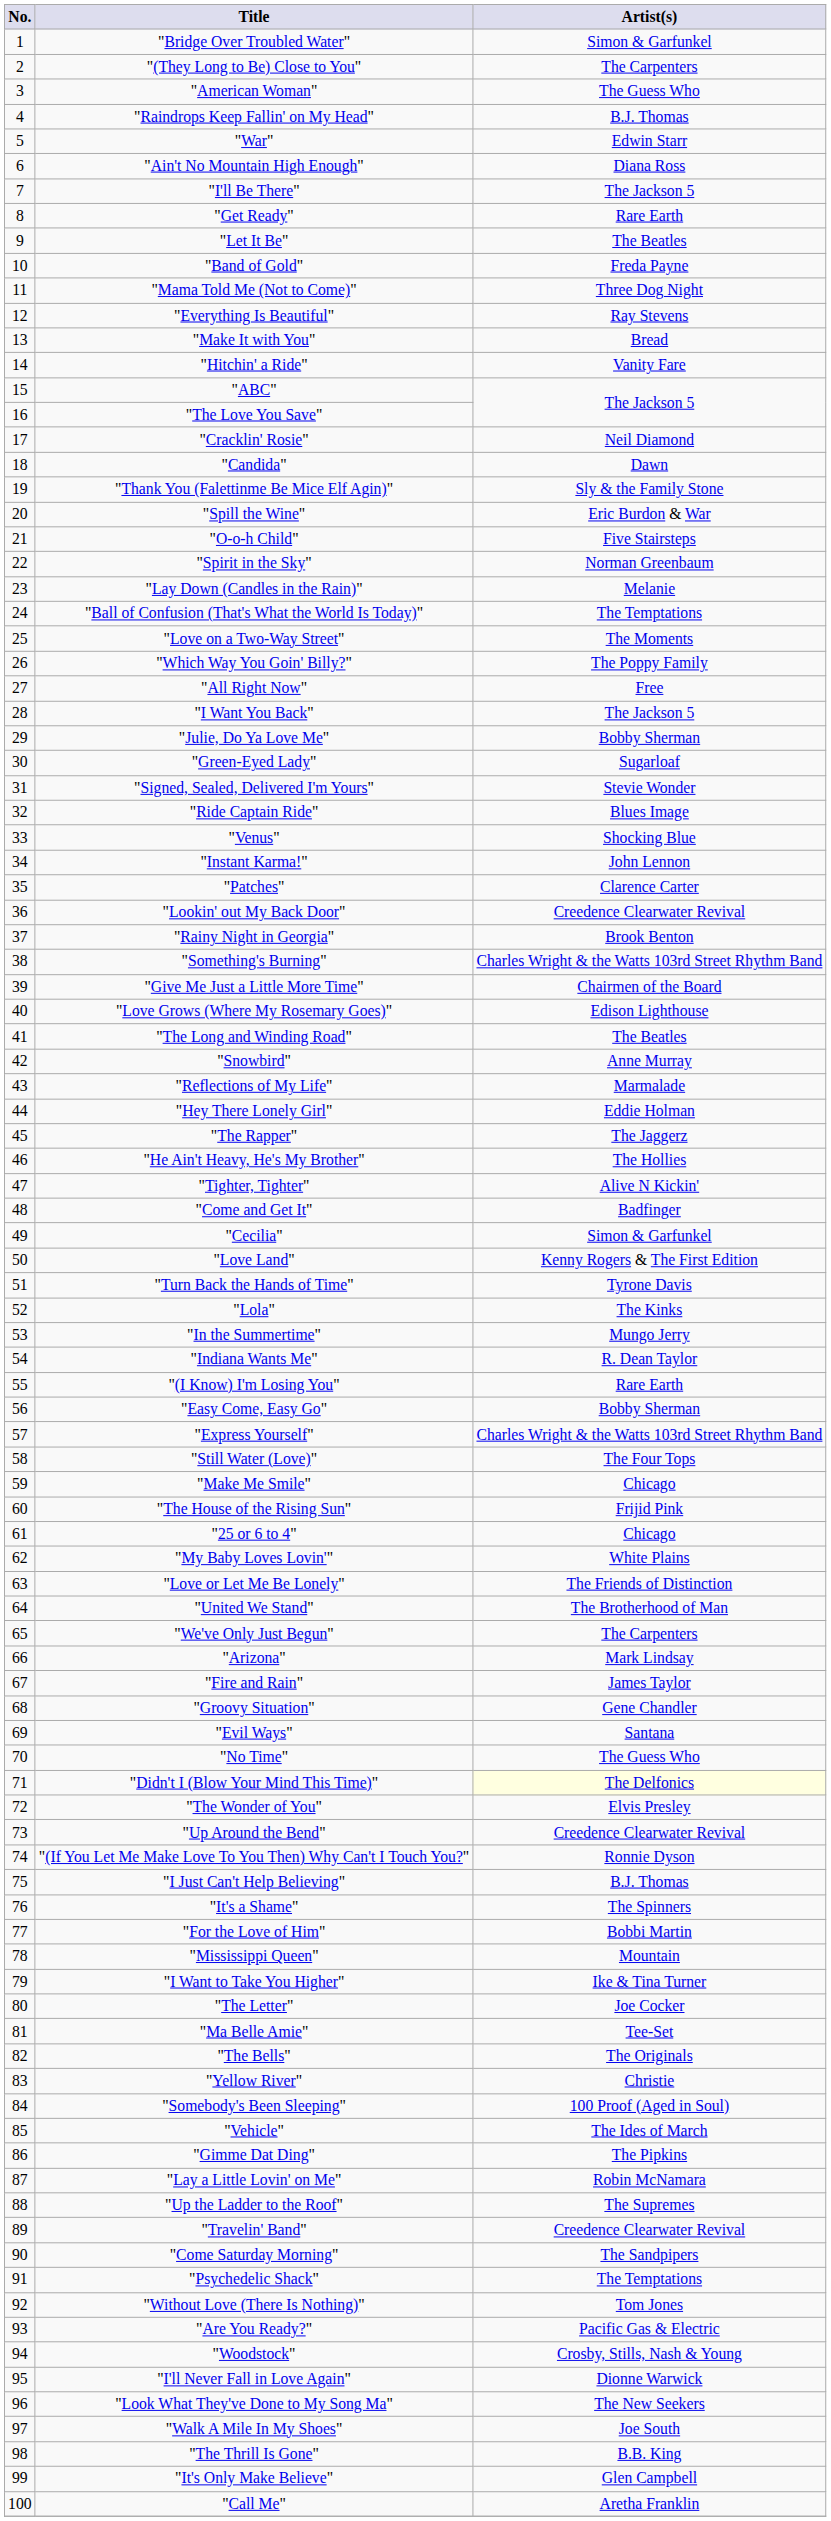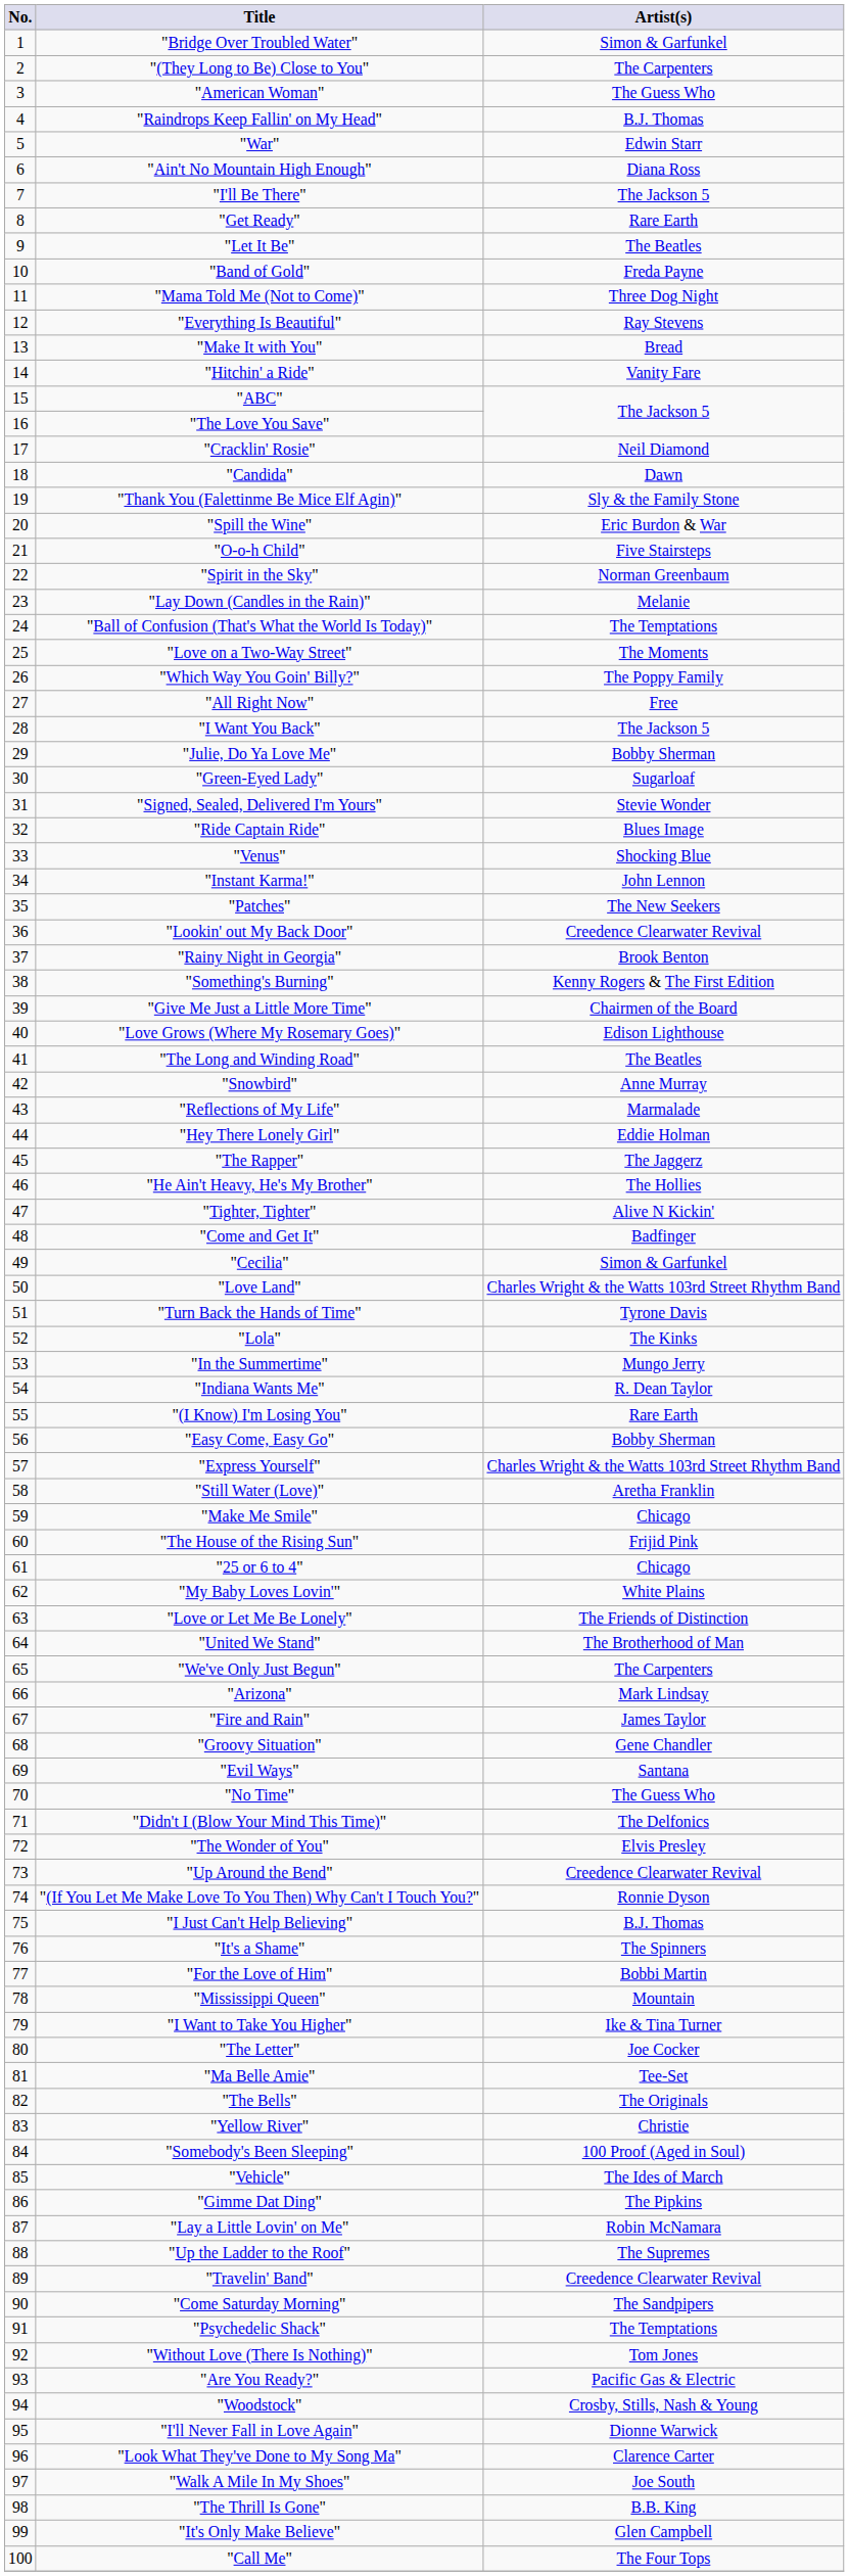 <table class="wikitable sortable" style="text-align: center">
 <tr>
 <th scope="col" style="background:#dde;">No.</th>
 <th scope="col" style="background:#dde;">Title</th>
 <th scope="col" style="background:#dde;">Artist(s)</th>
 </tr>
 <tr>
 <td>1</td>
 <td>"<a href='#'>Bridge Over Troubled Water</a>"</td>
 <td><a href='#'>Simon & Garfunkel</a></td>
 </tr>
 <tr>
 <td>2</td>
 <td>"<a href='#'>(They Long to Be) Close to You</a>"</td>
 <td><a href='#'>The Carpenters</a></td>
 </tr>
 <tr>
 <td>3</td>
 <td>"<a href='#'>American Woman</a>"</td>
 <td><a href='#'>The Guess Who</a></td>
 </tr>
 <tr>
 <td>4</td>
 <td>"<a href='#'>Raindrops Keep Fallin' on My Head</a>"</td>
 <td><a href='#'>B.J. Thomas</a></td>
 </tr>
 <tr>
 <td>5</td>
 <td>"<a href='#'>War</a>"</td>
 <td><a href='#'>Edwin Starr</a></td>
 </tr>
 <tr>
 <td>6</td>
 <td>"<a href='#'>Ain't No Mountain High Enough</a>"</td>
 <td><a href='#'>Diana Ross</a></td>
 </tr>
 <tr>
 <td>7</td>
 <td>"<a href='#'>I'll Be There</a>"</td>
 <td><a href='#'>The Jackson 5</a></td>
 </tr>
 <tr>
 <td>8</td>
 <td>"<a href='#'>Get Ready</a>"</td>
 <td><a href='#'>Rare Earth</a></td>
 </tr>
 <tr>
 <td>9</td>
 <td>"<a href='#'>Let It Be</a>"</td>
 <td><a href='#'>The Beatles</a></td>
 </tr>
 <tr>
 <td>10</td>
 <td>"<a href='#'>Band of Gold</a>"</td>
 <td><a href='#'>Freda Payne</a></td>
 </tr>
 <tr>
 <td>11</td>
 <td>"<a href='#'>Mama Told Me (Not to Come)</a>"</td>
 <td><a href='#'>Three Dog Night</a></td>
 </tr>
 <tr>
 <td>12</td>
 <td>"<a href='#'>Everything Is Beautiful</a>"</td>
 <td><a href='#'>Ray Stevens</a></td>
 </tr>
 <tr>
 <td>13</td>
 <td>"<a href='#'>Make It with You</a>"</td>
 <td><a href='#'>Bread</a></td>
 </tr>
 <tr>
 <td>14</td>
 <td>"<a href='#'>Hitchin' a Ride</a>"</td>
 <td><a href='#'>Vanity Fare</a></td>
 </tr>
 <tr>
 <td>15</td>
 <td>"<a href='#'>ABC</a>"</td>
 <td rowspan="2"><a href='#'>The Jackson 5</a></td>
 </tr>
 <tr>
 <td>16</td>
 <td>"<a href='#'>The Love You Save</a>"</td>
 </tr>
 <tr>
 <td>17</td>
 <td>"<a href='#'>Cracklin' Rosie</a>"</td>
 <td><a href='#'>Neil Diamond</a></td>
 </tr>
 <tr>
 <td>18</td>
 <td>"<a href='#'>Candida</a>"</td>
 <td><a href='#'>Dawn</a></td>
 </tr>
 <tr>
 <td>19</td>
 <td>"<a href='#'>Thank You (Falettinme Be Mice Elf Agin)</a>"</td>
 <td><a href='#'>Sly & the Family Stone</a></td>
 </tr>
 <tr>
 <td>20</td>
 <td>"<a href='#'>Spill the Wine</a>"</td>
 <td><a href='#'>Eric Burdon</a> & <a href='#'>War</a></td>
 </tr>
 <tr>
 <td>21</td>
 <td>"<a href='#'>O-o-h Child</a>"</td>
 <td><a href='#'>Five Stairsteps</a></td>
 </tr>
 <tr>
 <td>22</td>
 <td>"<a href='#'>Spirit in the Sky</a>"</td>
 <td><a href='#'>Norman Greenbaum</a></td>
 </tr>
 <tr>
 <td>23</td>
 <td>"<a href='#'>Lay Down (Candles in the Rain)</a>"</td>
 <td><a href='#'>Melanie</a></td>
 </tr>
 <tr>
 <td>24</td>
 <td>"<a href='#'>Ball of Confusion (That's What the World Is Today)</a>"</td>
 <td><a href='#'>The Temptations</a></td>
 </tr>
 <tr>
 <td>25</td>
 <td>"<a href='#'>Love on a Two-Way Street</a>"</td>
 <td><a href='#'>The Moments</a></td>
 </tr>
 <tr>
 <td>26</td>
 <td>"<a href='#'>Which Way You Goin' Billy?</a>"</td>
 <td><a href='#'>The Poppy Family</a></td>
 </tr>
 <tr>
 <td>27</td>
 <td>"<a href='#'>All Right Now</a>"</td>
 <td><a href='#'>Free</a></td>
 </tr>
 <tr>
 <td>28</td>
 <td>"<a href='#'>I Want You Back</a>"</td>
 <td><a href='#'>The Jackson 5</a></td>
 </tr>
 <tr>
 <td>29</td>
 <td>"<a href='#'>Julie, Do Ya Love Me</a>"</td>
 <td><a href='#'>Bobby Sherman</a></td>
 </tr>
 <tr>
 <td>30</td>
 <td>"<a href='#'>Green-Eyed Lady</a>"</td>
 <td><a href='#'>Sugarloaf</a></td>
 </tr>
 <tr>
 <td>31</td>
 <td>"<a href='#'>Signed, Sealed, Delivered I'm Yours</a>"</td>
 <td><a href='#'>Stevie Wonder</a></td>
 </tr>
 <tr>
 <td>32</td>
 <td>"<a href='#'>Ride Captain Ride</a>"</td>
 <td><a href='#'>Blues Image</a></td>
 </tr>
 <tr>
 <td>33</td>
 <td>"<a href='#'>Venus</a>"</td>
 <td><a href='#'>Shocking Blue</a></td>
 </tr>
 <tr>
 <td>34</td>
 <td>"<a href='#'>Instant Karma!</a>"</td>
 <td><a href='#'>John Lennon</a></td>
 </tr>
 <tr>
 <td>35</td>
 <td>"<a href='#'>Patches</a>"</td>
-<td><a href='#'>Clarence Carter</a></td>
+<td><a href='#'>The New Seekers</a></td>
 </tr>
 <tr>
 <td>36</td>
 <td>"<a href='#'>Lookin' out My Back Door</a>"</td>
 <td><a href='#'>Creedence Clearwater Revival</a></td>
 </tr>
 <tr>
 <td>37</td>
 <td>"<a href='#'>Rainy Night in Georgia</a>"</td>
 <td><a href='#'>Brook Benton</a></td>
 </tr>
 <tr>
 <td>38</td>
 <td>"<a href='#'>Something's Burning</a>"</td>
-<td><a href='#'>Charles Wright & the Watts 103rd Street Rhythm Band</a></td>
+<td><a href='#'>Kenny Rogers</a> & <a href='#'>The First Edition</a></td>
 </tr>
 <tr>
 <td>39</td>
 <td>"<a href='#'>Give Me Just a Little More Time</a>"</td>
 <td><a href='#'>Chairmen of the Board</a></td>
 </tr>
 <tr>
 <td>40</td>
 <td>"<a href='#'>Love Grows (Where My Rosemary Goes)</a>"</td>
 <td><a href='#'>Edison Lighthouse</a></td>
 </tr>
 <tr>
 <td>41</td>
 <td>"<a href='#'>The Long and Winding Road</a>"</td>
 <td><a href='#'>The Beatles</a></td>
 </tr>
 <tr>
 <td>42</td>
 <td>"<a href='#'>Snowbird</a>"</td>
 <td><a href='#'>Anne Murray</a></td>
 </tr>
 <tr>
 <td>43</td>
 <td>"<a href='#'>Reflections of My Life</a>"</td>
 <td><a href='#'>Marmalade</a></td>
 </tr>
 <tr>
 <td>44</td>
 <td>"<a href='#'>Hey There Lonely Girl</a>"</td>
 <td><a href='#'>Eddie Holman</a></td>
 </tr>
 <tr>
 <td>45</td>
 <td>"<a href='#'>The Rapper</a>"</td>
 <td><a href='#'>The Jaggerz</a></td>
 </tr>
 <tr>
 <td>46</td>
 <td>"<a href='#'>He Ain't Heavy, He's My Brother</a>"</td>
 <td><a href='#'>The Hollies</a></td>
 </tr>
 <tr>
 <td>47</td>
 <td>"<a href='#'>Tighter, Tighter</a>"</td>
 <td><a href='#'>Alive N Kickin'</a></td>
 </tr>
 <tr>
 <td>48</td>
 <td>"<a href='#'>Come and Get It</a>"</td>
 <td><a href='#'>Badfinger</a></td>
 </tr>
 <tr>
 <td>49</td>
 <td>"<a href='#'>Cecilia</a>"</td>
 <td><a href='#'>Simon & Garfunkel</a></td>
 </tr>
 <tr>
 <td>50</td>
 <td>"<a href='#'>Love Land</a>"</td>
-<td><a href='#'>Kenny Rogers</a> & <a href='#'>The First Edition</a></td>
+<td><a href='#'>Charles Wright & the Watts 103rd Street Rhythm Band</a></td>
 </tr>
 <tr>
 <td>51</td>
 <td>"<a href='#'>Turn Back the Hands of Time</a>"</td>
 <td><a href='#'>Tyrone Davis</a></td>
 </tr>
 <tr>
 <td>52</td>
 <td>"<a href='#'>Lola</a>"</td>
 <td><a href='#'>The Kinks</a></td>
 </tr>
 <tr>
 <td>53</td>
 <td>"<a href='#'>In the Summertime</a>"</td>
 <td><a href='#'>Mungo Jerry</a></td>
 </tr>
 <tr>
 <td>54</td>
 <td>"<a href='#'>Indiana Wants Me</a>"</td>
 <td><a href='#'>R. Dean Taylor</a></td>
 </tr>
 <tr>
 <td>55</td>
 <td>"<a href='#'>(I Know) I'm Losing You</a>"</td>
 <td><a href='#'>Rare Earth</a></td>
 </tr>
 <tr>
 <td>56</td>
 <td>"<a href='#'>Easy Come, Easy Go</a>"</td>
 <td><a href='#'>Bobby Sherman</a></td>
 </tr>
 <tr>
 <td>57</td>
 <td>"<a href='#'>Express Yourself</a>"</td>
 <td><a href='#'>Charles Wright & the Watts 103rd Street Rhythm Band</a></td>
 </tr>
 <tr>
 <td>58</td>
 <td>"<a href='#'>Still Water (Love)</a>"</td>
-<td><a href='#'>The Four Tops</a></td>
+<td><a href='#'>Aretha Franklin</a></td>
 </tr>
 <tr>
 <td>59</td>
 <td>"<a href='#'>Make Me Smile</a>"</td>
 <td><a href='#'>Chicago</a></td>
 </tr>
 <tr>
 <td>60</td>
 <td>"<a href='#'>The House of the Rising Sun</a>"</td>
 <td><a href='#'>Frijid Pink</a></td>
 </tr>
 <tr>
 <td>61</td>
 <td>"<a href='#'>25 or 6 to 4</a>"</td>
 <td><a href='#'>Chicago</a></td>
 </tr>
 <tr>
 <td>62</td>
 <td>"<a href='#'>My Baby Loves Lovin'</a>"</td>
 <td><a href='#'>White Plains</a></td>
 </tr>
 <tr>
 <td>63</td>
 <td>"<a href='#'>Love or Let Me Be Lonely</a>"</td>
 <td><a href='#'>The Friends of Distinction</a></td>
 </tr>
 <tr>
 <td>64</td>
 <td>"<a href='#'>United We Stand</a>"</td>
 <td><a href='#'>The Brotherhood of Man</a></td>
 </tr>
 <tr>
 <td>65</td>
 <td>"<a href='#'>We've Only Just Begun</a>"</td>
 <td><a href='#'>The Carpenters</a></td>
 </tr>
 <tr>
 <td>66</td>
 <td>"<a href='#'>Arizona</a>"</td>
 <td><a href='#'>Mark Lindsay</a></td>
 </tr>
 <tr>
 <td>67</td>
 <td>"<a href='#'>Fire and Rain</a>"</td>
 <td><a href='#'>James Taylor</a></td>
 </tr>
 <tr>
 <td>68</td>
 <td>"<a href='#'>Groovy Situation</a>"</td>
 <td><a href='#'>Gene Chandler</a></td>
 </tr>
 <tr>
 <td>69</td>
 <td>"<a href='#'>Evil Ways</a>"</td>
 <td><a href='#'>Santana</a></td>
 </tr>
 <tr>
 <td>70</td>
 <td>"<a href='#'>No Time</a>"</td>
 <td><a href='#'>The Guess Who</a></td>
 </tr>
 <tr>
 <td>71</td>
 <td>"<a href='#'>Didn't I (Blow Your Mind This Time)</a>"</td>
-<td style="background: lightyellow;"><a href='#'>The Delfonics</a></td>
+<td><a href='#'>The Delfonics</a></td>
 </tr>
 <tr>
 <td>72</td>
 <td>"<a href='#'>The Wonder of You</a>"</td>
 <td><a href='#'>Elvis Presley</a></td>
 </tr>
 <tr>
 <td>73</td>
 <td>"<a href='#'>Up Around the Bend</a>"</td>
 <td><a href='#'>Creedence Clearwater Revival</a></td>
 </tr>
 <tr>
 <td>74</td>
 <td>"<a href='#'>(If You Let Me Make Love To You Then) Why Can't I Touch You?</a>"</td>
 <td><a href='#'>Ronnie Dyson</a></td>
 </tr>
 <tr>
 <td>75</td>
 <td>"<a href='#'>I Just Can't Help Believing</a>"</td>
 <td><a href='#'>B.J. Thomas</a></td>
 </tr>
 <tr>
 <td>76</td>
 <td>"<a href='#'>It's a Shame</a>"</td>
 <td><a href='#'>The Spinners</a></td>
 </tr>
 <tr>
 <td>77</td>
 <td>"<a href='#'>For the Love of Him</a>"</td>
 <td><a href='#'>Bobbi Martin</a></td>
 </tr>
 <tr>
 <td>78</td>
 <td>"<a href='#'>Mississippi Queen</a>"</td>
 <td><a href='#'>Mountain</a></td>
 </tr>
 <tr>
 <td>79</td>
 <td>"<a href='#'>I Want to Take You Higher</a>"</td>
 <td><a href='#'>Ike & Tina Turner</a></td>
 </tr>
 <tr>
 <td>80</td>
 <td>"<a href='#'>The Letter</a>"</td>
 <td><a href='#'>Joe Cocker</a></td>
 </tr>
 <tr>
 <td>81</td>
 <td>"<a href='#'>Ma Belle Amie</a>"</td>
 <td><a href='#'>Tee-Set</a></td>
 </tr>
 <tr>
 <td>82</td>
 <td>"<a href='#'>The Bells</a>"</td>
 <td><a href='#'>The Originals</a></td>
 </tr>
 <tr>
 <td>83</td>
 <td>"<a href='#'>Yellow River</a>"</td>
 <td><a href='#'>Christie</a></td>
 </tr>
 <tr>
 <td>84</td>
 <td>"<a href='#'>Somebody's Been Sleeping</a>"</td>
 <td><a href='#'>100 Proof (Aged in Soul)</a></td>
 </tr>
 <tr>
 <td>85</td>
 <td>"<a href='#'>Vehicle</a>"</td>
 <td><a href='#'>The Ides of March</a></td>
 </tr>
 <tr>
 <td>86</td>
 <td>"<a href='#'>Gimme Dat Ding</a>"</td>
 <td><a href='#'>The Pipkins</a></td>
 </tr>
 <tr>
 <td>87</td>
 <td>"<a href='#'>Lay a Little Lovin' on Me</a>"</td>
 <td><a href='#'>Robin McNamara</a></td>
 </tr>
 <tr>
 <td>88</td>
 <td>"<a href='#'>Up the Ladder to the Roof</a>"</td>
 <td><a href='#'>The Supremes</a></td>
 </tr>
 <tr>
 <td>89</td>
 <td>"<a href='#'>Travelin' Band</a>"</td>
 <td><a href='#'>Creedence Clearwater Revival</a></td>
 </tr>
 <tr>
 <td>90</td>
 <td>"<a href='#'>Come Saturday Morning</a>"</td>
 <td><a href='#'>The Sandpipers</a></td>
 </tr>
 <tr>
 <td>91</td>
 <td>"<a href='#'>Psychedelic Shack</a>"</td>
 <td><a href='#'>The Temptations</a></td>
 </tr>
 <tr>
 <td>92</td>
 <td>"<a href='#'>Without Love (There Is Nothing)</a>"</td>
 <td><a href='#'>Tom Jones</a></td>
 </tr>
 <tr>
 <td>93</td>
 <td>"<a href='#'>Are You Ready?</a>"</td>
 <td><a href='#'>Pacific Gas & Electric</a></td>
 </tr>
 <tr>
 <td>94</td>
 <td>"<a href='#'>Woodstock</a>"</td>
 <td><a href='#'>Crosby, Stills, Nash & Young</a></td>
 </tr>
 <tr>
 <td>95</td>
 <td>"<a href='#'>I'll Never Fall in Love Again</a>"</td>
 <td><a href='#'>Dionne Warwick</a></td>
 </tr>
 <tr>
 <td>96</td>
 <td>"<a href='#'>Look What They've Done to My Song Ma</a>"</td>
-<td><a href='#'>The New Seekers</a></td>
+<td><a href='#'>Clarence Carter</a></td>
 </tr>
 <tr>
 <td>97</td>
 <td>"<a href='#'>Walk A Mile In My Shoes</a>"</td>
 <td><a href='#'>Joe South</a></td>
 </tr>
 <tr>
 <td>98</td>
 <td>"<a href='#'>The Thrill Is Gone</a>"</td>
 <td><a href='#'>B.B. King</a></td>
 </tr>
 <tr>
 <td>99</td>
 <td>"<a href='#'>It's Only Make Believe</a>"</td>
 <td><a href='#'>Glen Campbell</a></td>
 </tr>
 <tr>
 <td>100</td>
 <td>"<a href='#'>Call Me</a>"</td>
-<td><a href='#'>Aretha Franklin</a></td>
+<td><a href='#'>The Four Tops</a></td>
 </tr>
 <tr>
 </tr>
 </table>
